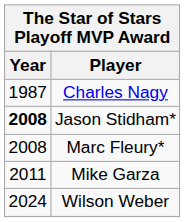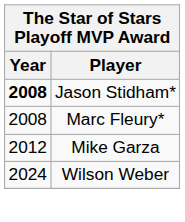 <table class="wikitable" style="display: inline-table; margin-right: 20px; text-align:center">
 <tr>
 <th scope="col" colspan="2" style="width: 145px;">The Star of Stars Playoff MVP Award</th>
 </tr>
 <tr>
 <th scope="col">Year</th>
 <th scope="col">Player</th>
-</tr>
-<tr>
-<td>1987</td>
-<td><a href='#'>Charles Nagy</a></td>
 </tr>
 <tr>
 <td><strong>2008</strong></td>
 <td>Jason Stidham*</td>
 </tr>
 <tr>
 <td>2008</td>
 <td>Marc Fleury*</td>
 </tr>
 <tr>
-<td>2011</td>
+<td>2012</td>
 <td>Mike Garza</td>
 </tr>
 <tr>
 <td>2024</td>
 <td>Wilson Weber</td>
 </tr>
 <tr>
 </tr>
 </table>
